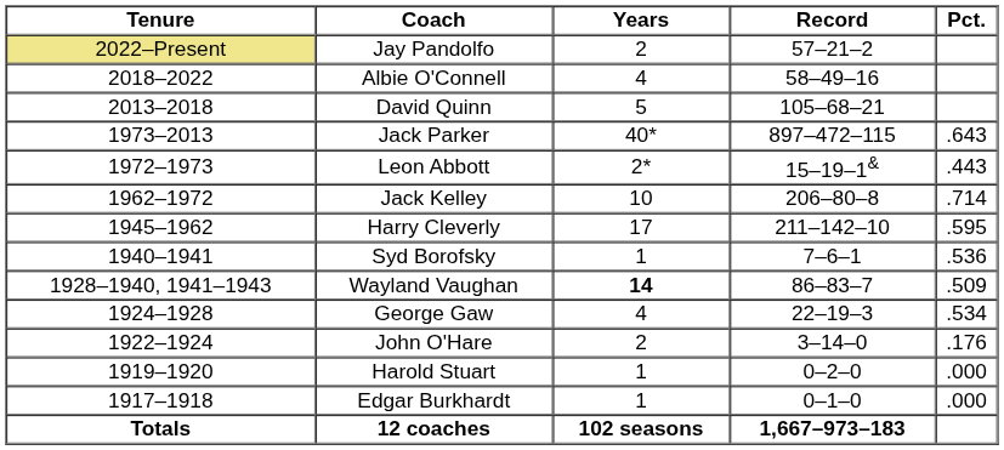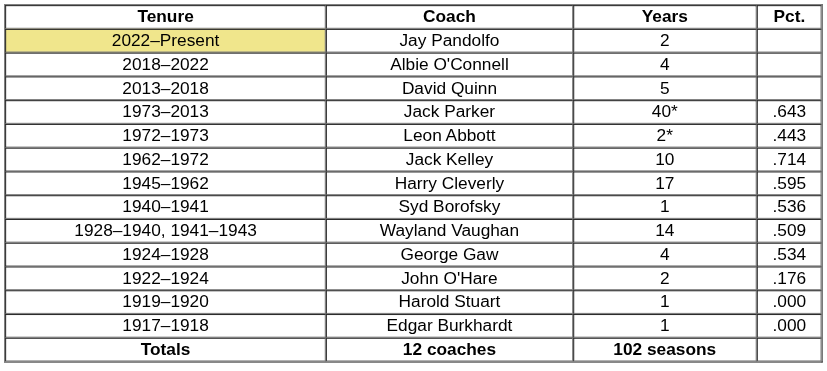 <table cellpadding="1" border="1" cellspacing="0" width="60%">
 <tr>
 <th>Tenure</th>
 <th>Coach</th>
 <th>Years</th>
-<th>Record</th>
 <th>Pct.</th>
 </tr>
 <tr style="text-align:center;">
 <td style="background: khaki;">2022–Present</td>
 <td>Jay Pandolfo</td>
 <td>2</td>
-<td>57–21–2</td>
 <td></td>
 </tr>
 <tr style="text-align:center;">
 <td>2018–2022</td>
 <td>Albie O'Connell</td>
 <td>4</td>
-<td>58–49–16</td>
 <td></td>
 </tr>
 <tr style="text-align:center;">
 <td>2013–2018</td>
 <td>David Quinn</td>
 <td>5</td>
-<td>105–68–21</td>
 <td></td>
 </tr>
 <tr style="text-align:center;">
 <td>1973–2013</td>
 <td>Jack Parker</td>
 <td>40*</td>
-<td>897–472–115</td>
 <td>.643</td>
 </tr>
 <tr align=center>
 <td>1972–1973</td>
 <td>Leon Abbott</td>
 <td>2*</td>
-<td>15–19–1<sup>&</sup></td>
 <td>.443</td>
 </tr>
 <tr style="text-align:center;">
 <td>1962–1972</td>
 <td>Jack Kelley</td>
 <td>10</td>
-<td>206–80–8</td>
 <td>.714</td>
 </tr>
 <tr style="text-align:center;">
 <td>1945–1962</td>
 <td>Harry Cleverly</td>
 <td>17</td>
-<td>211–142–10</td>
 <td>.595</td>
 </tr>
 <tr style="text-align:center;">
 <td>1940–1941</td>
 <td>Syd Borofsky</td>
 <td>1</td>
-<td>7–6–1</td>
 <td>.536</td>
 </tr>
 <tr style="text-align:center;">
 <td>1928–1940, 1941–1943</td>
 <td>Wayland Vaughan</td>
-<td><strong>14</strong></td>
-<td>86–83–7</td>
+<td>14</td>
 <td>.509</td>
 </tr>
 <tr style="text-align:center;">
 <td>1924–1928</td>
 <td>George Gaw</td>
 <td>4</td>
-<td>22–19–3</td>
 <td>.534</td>
 </tr>
 <tr style="text-align:center;">
 <td>1922–1924</td>
 <td>John O'Hare</td>
 <td>2</td>
-<td>3–14–0</td>
 <td>.176</td>
 </tr>
 <tr style="text-align:center;">
 <td>1919–1920</td>
 <td>Harold Stuart</td>
 <td>1</td>
-<td>0–2–0</td>
 <td>.000</td>
 </tr>
 <tr style="text-align:center;">
 <td>1917–1918</td>
 <td>Edgar Burkhardt</td>
 <td>1</td>
-<td>0–1–0</td>
 <td>.000</td>
 </tr>
 <tr style="text-align:center;">
 <th>Totals</th>
 <th>12 coaches</th>
 <th>102 seasons</th>
-<th>1,667–973–183</th>
 <th></th>
 </tr>
 </table>
